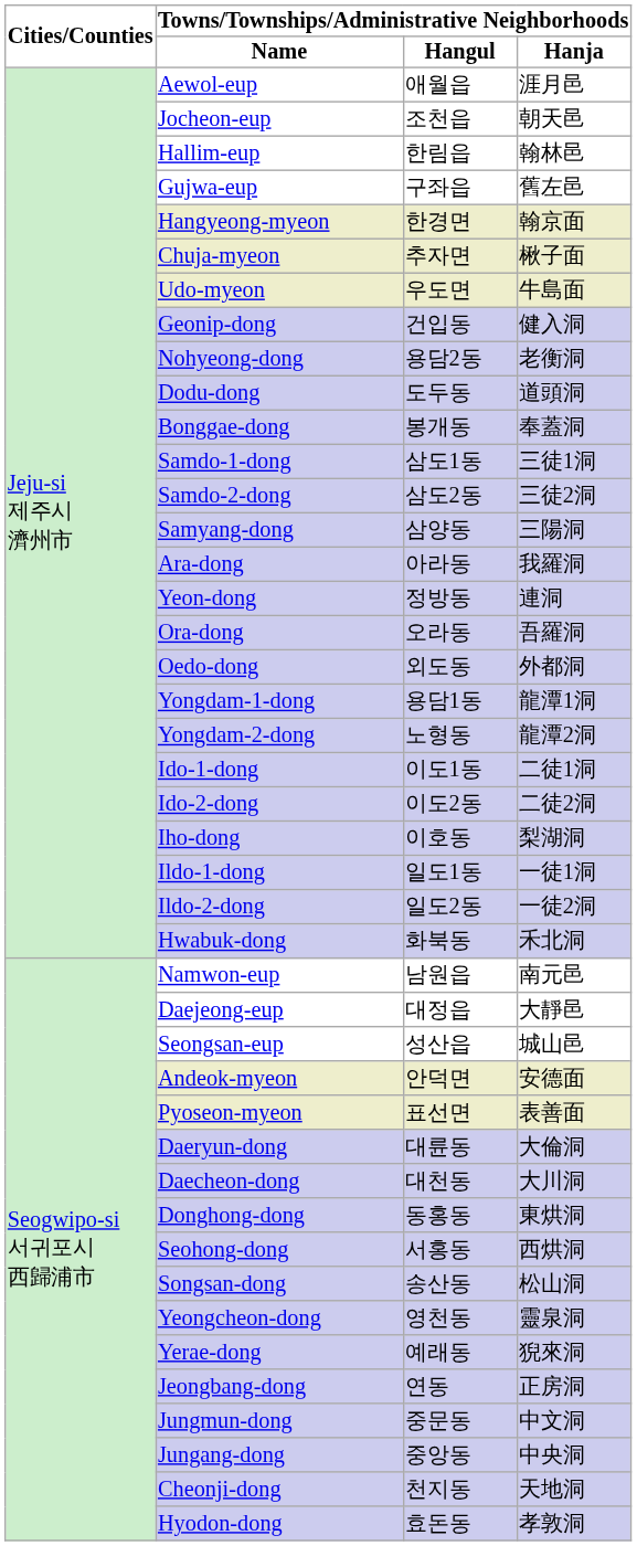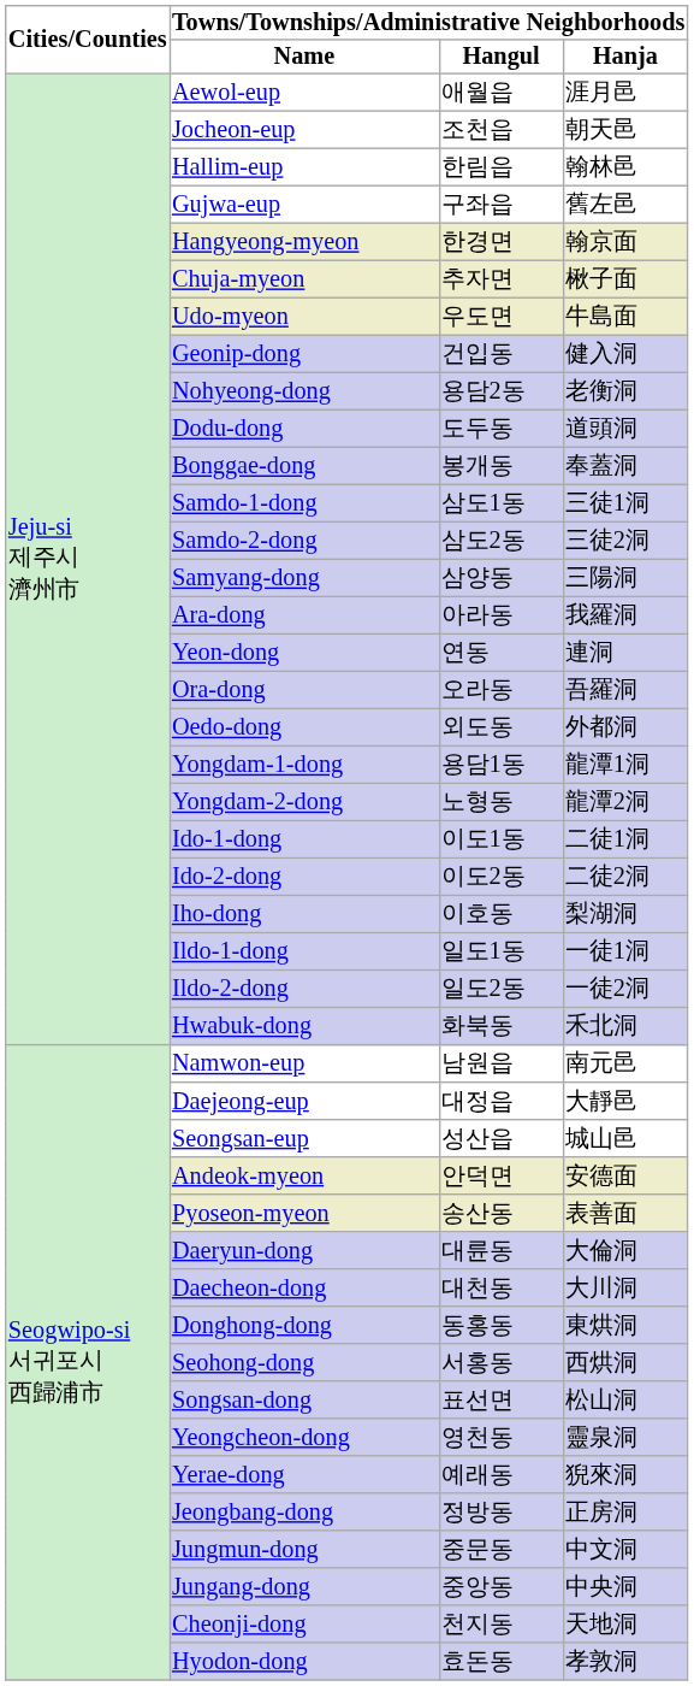 <table border=1 cellspacing=0 style="padding: 24em 0; border: 1px #aaa solid; border-collapse: collapse; font-size: 90%;">
 <tr>
 <th rowspan="2">Cities/Counties</th>
 <th colspan="3">Towns/Townships/Administrative Neighborhoods</th>
 </tr>
 <tr>
 <th>Name</th>
 <th>Hangul</th>
 <th>Hanja</th>
 </tr>
 <tr>
 <td rowspan=26 bgcolor=#cec><a href='#'>Jeju-si</a><br>제주시<br>濟州市</td>
 <td><a href='#'>Aewol-eup</a></td>
 <td>애월읍</td>
 <td>涯月邑</td>
 </tr>
 <tr>
 <td><a href='#'>Jocheon-eup</a></td>
 <td>조천읍</td>
 <td>朝天邑</td>
 </tr>
 <tr>
 <td><a href='#'>Hallim-eup</a></td>
 <td>한림읍</td>
 <td>翰林邑</td>
 </tr>
 <tr>
 <td><a href='#'>Gujwa-eup</a></td>
 <td>구좌읍</td>
 <td>舊左邑</td>
 </tr>
 <tr bgcolor=#eec>
 <td><a href='#'>Hangyeong-myeon</a></td>
 <td>한경면</td>
 <td>翰京面</td>
 </tr>
 <tr bgcolor=#eec>
 <td><a href='#'>Chuja-myeon</a></td>
 <td>추자면</td>
 <td>楸子面</td>
 </tr>
 <tr bgcolor=#eec>
 <td><a href='#'>Udo-myeon</a></td>
 <td>우도면</td>
 <td>牛島面</td>
 </tr>
 <tr bgcolor=#cce>
 <td><a href='#'>Geonip-dong</a></td>
 <td>건입동</td>
 <td>健入洞</td>
 </tr>
 <tr bgcolor=#cce>
 <td><a href='#'>Nohyeong-dong</a></td>
 <td>용담2동</td>
 <td>老衡洞</td>
 </tr>
 <tr bgcolor=#cce>
 <td><a href='#'>Dodu-dong</a></td>
 <td>도두동</td>
 <td>道頭洞</td>
 </tr>
 <tr bgcolor=#cce>
 <td><a href='#'>Bonggae-dong</a></td>
 <td>봉개동</td>
 <td>奉蓋洞</td>
 </tr>
 <tr bgcolor=#cce>
 <td><a href='#'>Samdo-1-dong</a></td>
 <td>삼도1동</td>
 <td>三徒1洞</td>
 </tr>
 <tr bgcolor=#cce>
 <td><a href='#'>Samdo-2-dong</a></td>
 <td>삼도2동</td>
 <td>三徒2洞</td>
 </tr>
 <tr bgcolor=#cce>
 <td><a href='#'>Samyang-dong</a></td>
 <td>삼양동</td>
 <td>三陽洞</td>
 </tr>
 <tr bgcolor=#cce>
 <td><a href='#'>Ara-dong</a></td>
 <td>아라동</td>
 <td>我羅洞</td>
 </tr>
 <tr bgcolor=#cce>
 <td><a href='#'>Yeon-dong</a></td>
-<td>정방동</td>
+<td>연동</td>
 <td>連洞</td>
 </tr>
 <tr bgcolor=#cce>
 <td><a href='#'>Ora-dong</a></td>
 <td>오라동</td>
 <td>吾羅洞</td>
 </tr>
 <tr bgcolor=#cce>
 <td><a href='#'>Oedo-dong</a></td>
 <td>외도동</td>
 <td>外都洞</td>
 </tr>
 <tr bgcolor=#cce>
 <td><a href='#'>Yongdam-1-dong</a></td>
 <td>용담1동</td>
 <td>龍潭1洞</td>
 </tr>
 <tr bgcolor=#cce>
 <td><a href='#'>Yongdam-2-dong</a></td>
 <td>노형동</td>
 <td>龍潭2洞</td>
 </tr>
 <tr bgcolor=#cce>
 <td><a href='#'>Ido-1-dong</a></td>
 <td>이도1동</td>
 <td>二徒1洞</td>
 </tr>
 <tr bgcolor=#cce>
 <td><a href='#'>Ido-2-dong</a></td>
 <td>이도2동</td>
 <td>二徒2洞</td>
 </tr>
 <tr bgcolor=#cce>
 <td><a href='#'>Iho-dong</a></td>
 <td>이호동</td>
 <td>梨湖洞</td>
 </tr>
 <tr bgcolor=#cce>
 <td><a href='#'>Ildo-1-dong</a></td>
 <td>일도1동</td>
 <td>一徒1洞</td>
 </tr>
 <tr bgcolor=#cce>
 <td><a href='#'>Ildo-2-dong</a></td>
 <td>일도2동</td>
 <td>一徒2洞</td>
 </tr>
 <tr bgcolor=#cce>
 <td><a href='#'>Hwabuk-dong</a></td>
 <td>화북동</td>
 <td>禾北洞</td>
 </tr>
 <tr>
 <td rowspan=17 bgcolor=#cec><a href='#'>Seogwipo-si</a><br>서귀포시<br>西歸浦市</td>
 <td><a href='#'>Namwon-eup</a></td>
 <td>남원읍</td>
 <td>南元邑</td>
 </tr>
 <tr>
 <td><a href='#'>Daejeong-eup</a></td>
 <td>대정읍</td>
 <td>大靜邑</td>
 </tr>
 <tr>
 <td><a href='#'>Seongsan-eup</a></td>
 <td>성산읍</td>
 <td>城山邑</td>
 </tr>
 <tr bgcolor=#eec>
 <td><a href='#'>Andeok-myeon</a></td>
 <td>안덕면</td>
 <td>安德面</td>
 </tr>
 <tr bgcolor=#eec>
 <td><a href='#'>Pyoseon-myeon</a></td>
-<td>표선면</td>
+<td>송산동</td>
 <td>表善面</td>
 </tr>
 <tr bgcolor=#cce>
 <td><a href='#'>Daeryun-dong</a></td>
 <td>대륜동</td>
 <td>大倫洞</td>
 </tr>
 <tr bgcolor=#cce>
 <td><a href='#'>Daecheon-dong</a></td>
 <td>대천동</td>
 <td>大川洞</td>
 </tr>
 <tr bgcolor=#cce>
 <td><a href='#'>Donghong-dong</a></td>
 <td>동홍동</td>
 <td>東烘洞</td>
 </tr>
 <tr bgcolor=#cce>
 <td><a href='#'>Seohong-dong</a></td>
 <td>서홍동</td>
 <td>西烘洞</td>
 </tr>
 <tr bgcolor=#cce>
 <td><a href='#'>Songsan-dong</a></td>
-<td>송산동</td>
+<td>표선면</td>
 <td>松山洞</td>
 </tr>
 <tr bgcolor=#cce>
 <td><a href='#'>Yeongcheon-dong</a></td>
 <td>영천동</td>
 <td>靈泉洞</td>
 </tr>
 <tr bgcolor=#cce>
 <td><a href='#'>Yerae-dong</a></td>
 <td>예래동</td>
 <td>猊來洞</td>
 </tr>
 <tr bgcolor=#cce>
 <td><a href='#'>Jeongbang-dong</a></td>
-<td>연동</td>
+<td>정방동</td>
 <td>正房洞</td>
 </tr>
 <tr bgcolor=#cce>
 <td><a href='#'>Jungmun-dong</a></td>
 <td>중문동</td>
 <td>中文洞</td>
 </tr>
 <tr bgcolor=#cce>
 <td><a href='#'>Jungang-dong</a></td>
 <td>중앙동</td>
 <td>中央洞</td>
 </tr>
 <tr bgcolor=#cce>
 <td><a href='#'>Cheonji-dong</a></td>
 <td>천지동</td>
 <td>天地洞</td>
 </tr>
 <tr bgcolor=#cce>
 <td><a href='#'>Hyodon-dong</a></td>
 <td>효돈동</td>
 <td>孝敦洞</td>
 </tr>
 </table>
